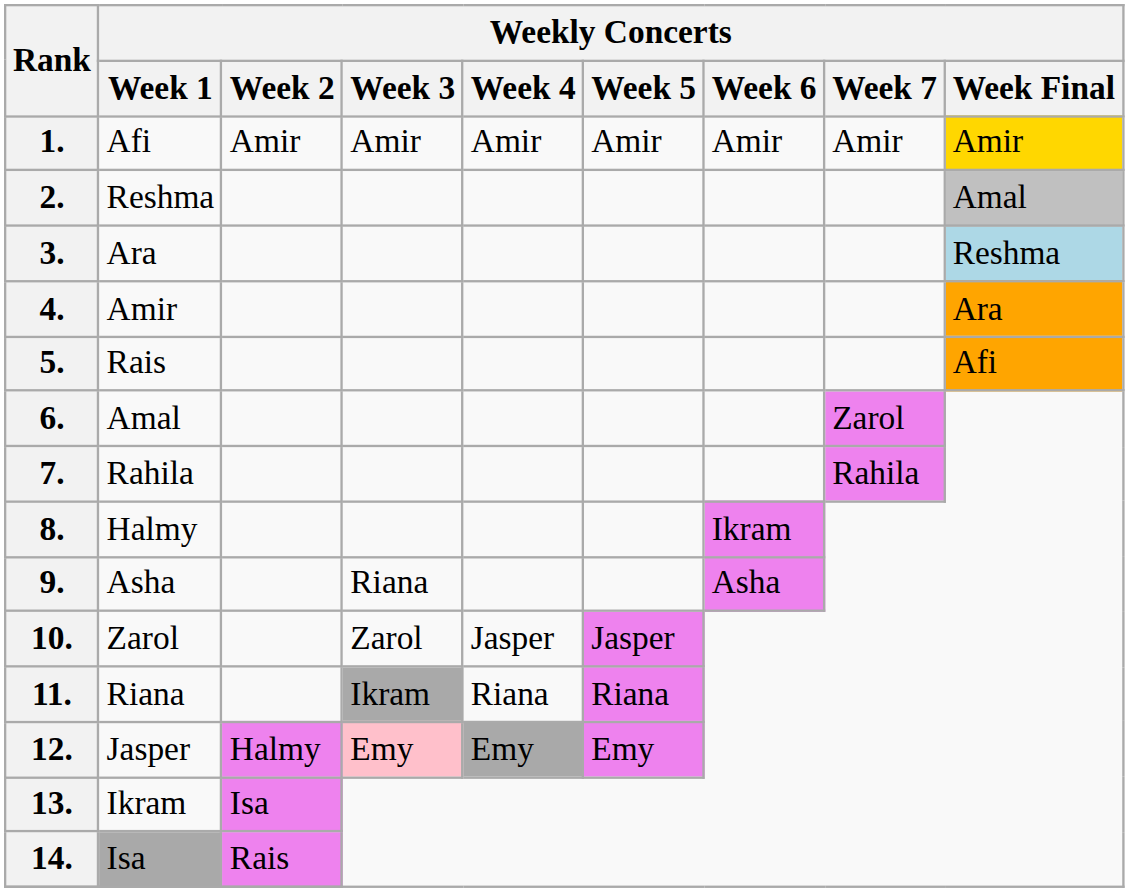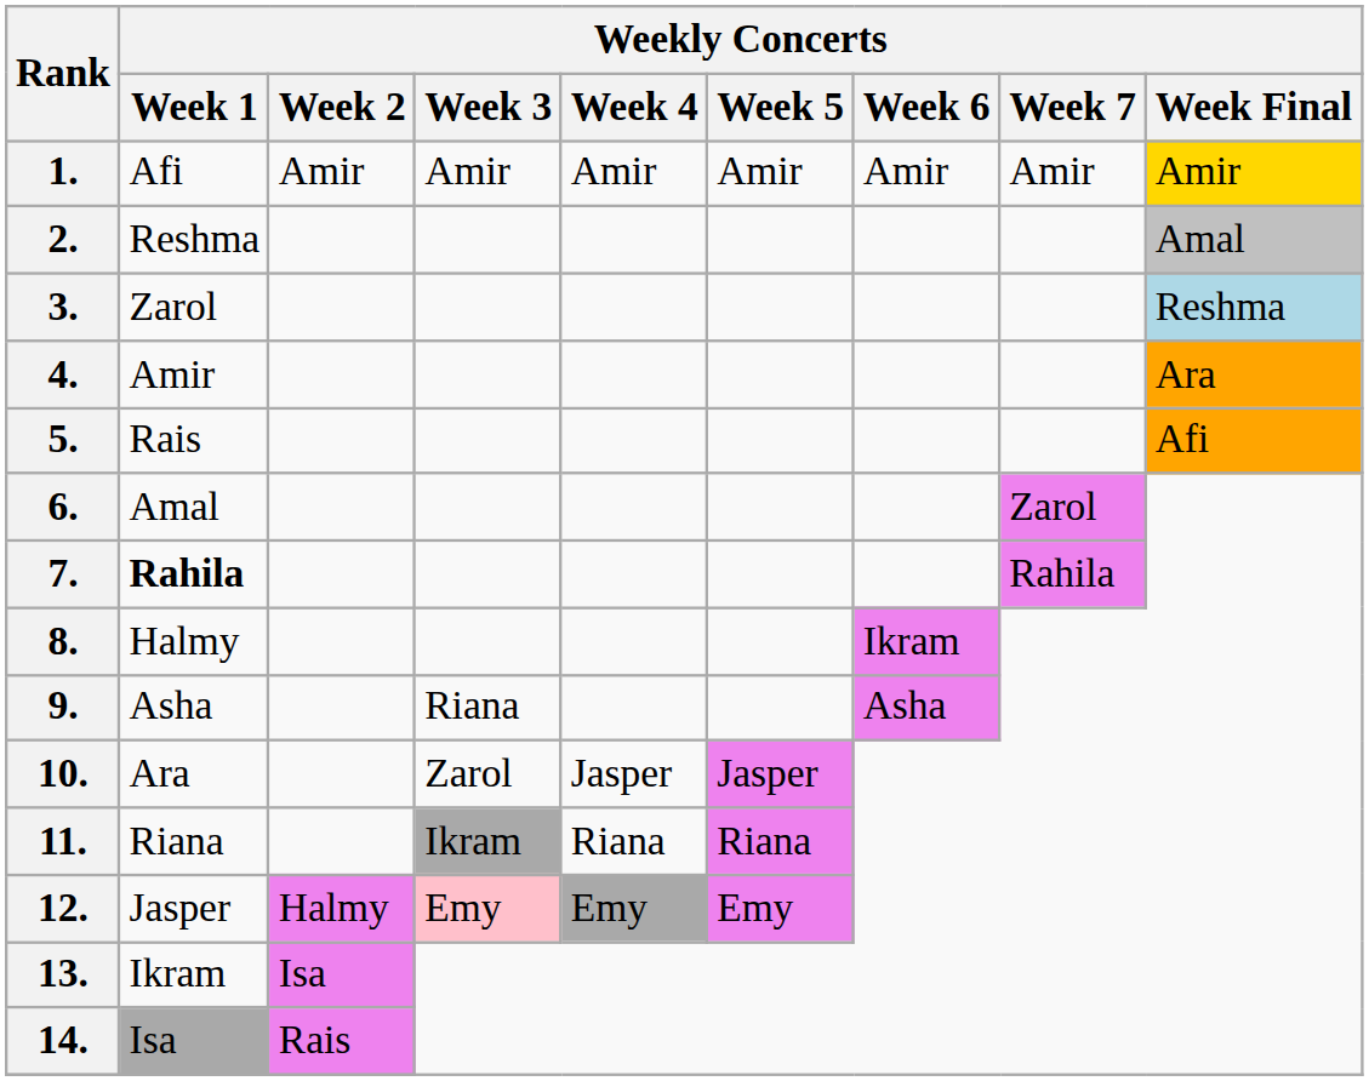 <table class="wikitable" style="font-size:90%;">
 <tr>
 <th rowspan="2">Rank</th>
 <th colspan="8">Weekly Concerts</th>
 </tr>
 <tr>
 <th>Week 1</th>
 <th>Week 2</th>
 <th>Week 3</th>
 <th>Week 4</th>
 <th>Week 5</th>
 <th>Week 6</th>
 <th>Week 7</th>
 <th>Week Final</th>
 </tr>
 <tr>
 <th>1.</th>
 <td>Afi</td>
 <td>Amir</td>
 <td>Amir</td>
 <td>Amir</td>
 <td>Amir</td>
 <td>Amir</td>
 <td>Amir</td>
 <td style="background: gold;">Amir</td>
 </tr>
 <tr>
 <th>2.</th>
 <td>Reshma</td>
 <td></td>
 <td></td>
 <td></td>
 <td></td>
 <td></td>
 <td></td>
 <td style="background: silver;">Amal</td>
 </tr>
 <tr>
 <th>3.</th>
-<td>Ara</td>
+<td>Zarol</td>
 <td></td>
 <td></td>
 <td></td>
 <td></td>
 <td></td>
 <td></td>
 <td style="background: lightblue;">Reshma</td>
 </tr>
 <tr>
 <th>4.</th>
 <td>Amir</td>
 <td></td>
 <td></td>
 <td></td>
 <td></td>
 <td></td>
 <td></td>
 <td style="background: orange;">Ara</td>
 </tr>
 <tr>
 <th>5.</th>
 <td>Rais</td>
 <td></td>
 <td></td>
 <td></td>
 <td></td>
 <td></td>
 <td></td>
 <td style="background: orange;">Afi</td>
 </tr>
 <tr>
 <th>6.</th>
 <td>Amal</td>
 <td></td>
 <td></td>
 <td></td>
 <td></td>
 <td></td>
 <td style="background: violet;">Zarol</td>
 </tr>
 <tr>
 <th>7.</th>
-<td>Rahila</td>
+<td><strong>Rahila</strong></td>
 <td></td>
 <td></td>
 <td></td>
 <td></td>
 <td></td>
 <td style="background: violet;">Rahila</td>
 </tr>
 <tr>
 <th>8.</th>
 <td>Halmy</td>
 <td></td>
 <td></td>
 <td></td>
 <td></td>
 <td style="background: violet;">Ikram</td>
 </tr>
 <tr>
 <th>9.</th>
 <td>Asha</td>
 <td></td>
 <td>Riana</td>
 <td></td>
 <td></td>
 <td style="background: violet;">Asha</td>
 </tr>
 <tr>
 <th>10.</th>
-<td>Zarol</td>
+<td>Ara</td>
 <td></td>
 <td>Zarol</td>
 <td>Jasper</td>
 <td style="background: violet;">Jasper</td>
 </tr>
 <tr>
 <th>11.</th>
 <td>Riana</td>
 <td></td>
 <td style="background: darkgray;">Ikram</td>
 <td>Riana</td>
 <td style="background: violet;">Riana</td>
 </tr>
 <tr>
 <th>12.</th>
 <td>Jasper</td>
 <td style="background: violet;">Halmy</td>
 <td style="background: pink;">Emy</td>
 <td style="background: darkgray;">Emy</td>
 <td style="background: violet;">Emy</td>
 </tr>
 <tr>
 <th>13.</th>
 <td>Ikram</td>
 <td style="background: violet;">Isa</td>
 </tr>
 <tr>
 <th>14.</th>
 <td style="background: darkgray;">Isa</td>
 <td style="background: violet;">Rais</td>
 </tr>
 <tr>
 </tr>
 </table>
